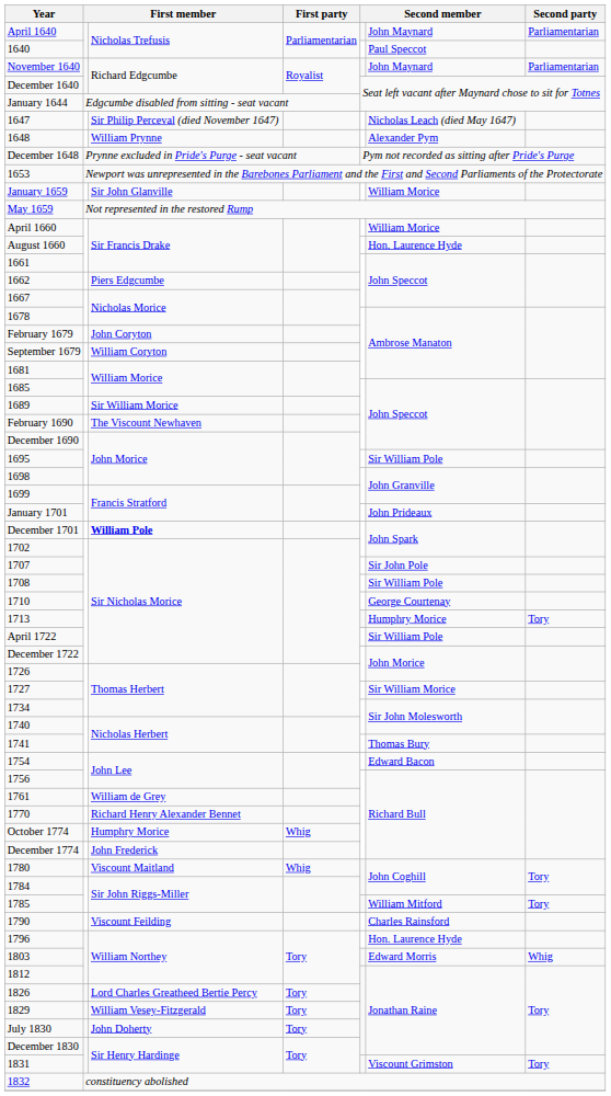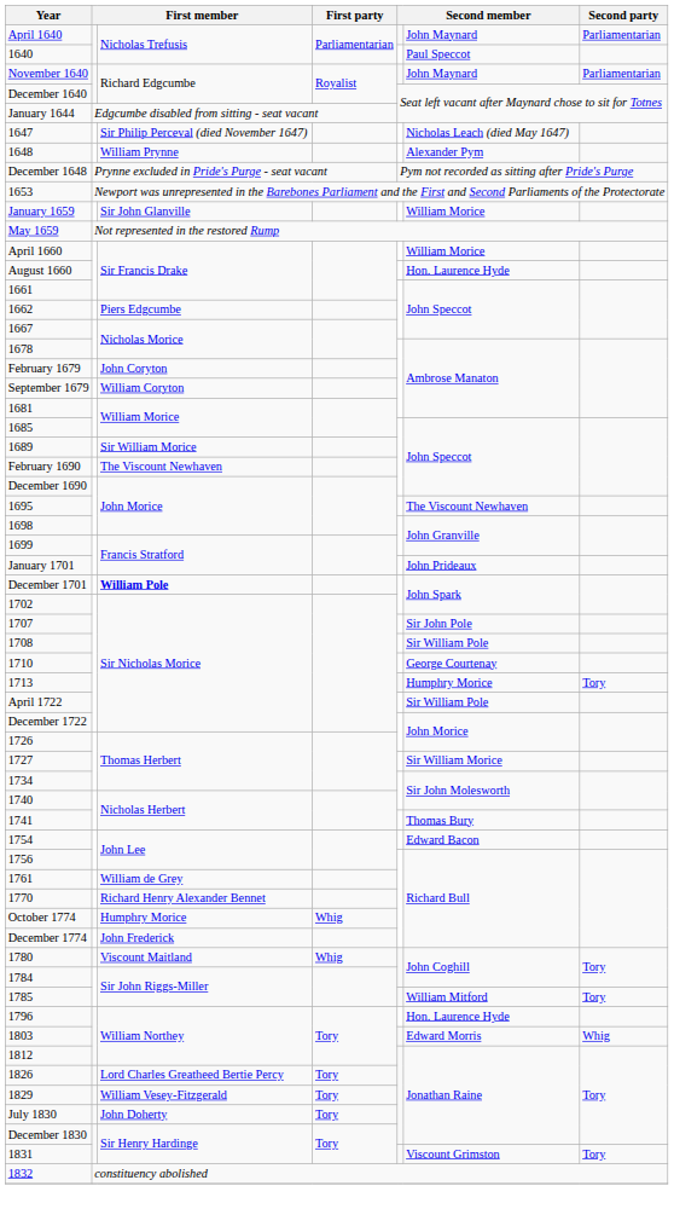 <table class="wikitable">
 <tr>
 <th>Year</th>
 <th colspan="2">First member</th>
 <th>First party</th>
 <th colspan="2">Second member</th>
 <th>Second party</th>
 </tr>
 <tr>
 <td><a href='#'>April 1640</a></td>
 <td rowspan="2" style="color:inherit;background-color: "></td>
 <td rowspan="2"><a href='#'>Nicholas Trefusis</a></td>
 <td rowspan="2"><a href='#'>Parliamentarian</a></td>
 <td style="color:inherit;background-color: "></td>
 <td><a href='#'>John Maynard</a></td>
 <td><a href='#'>Parliamentarian</a></td>
 </tr>
 <tr>
 <td>1640</td>
 <td style="color:inherit;background-color: white"></td>
 <td><a href='#'>Paul Speccot</a></td>
 <td></td>
 </tr>
 <tr>
 <td><a href='#'>November 1640</a></td>
 <td rowspan="2" style="color:inherit;background-color: "></td>
 <td rowspan="2">Richard Edgcumbe</td>
 <td rowspan="2"><a href='#'>Royalist</a></td>
 <td style="color:inherit;background-color: "></td>
 <td><a href='#'>John Maynard</a></td>
 <td><a href='#'>Parliamentarian</a></td>
 </tr>
 <tr>
 <td>December 1640</td>
 <td rowspan="2" colspan="3"><em>Seat left vacant after Maynard chose to sit for <a href='#'>Totnes</a></em></td>
 </tr>
 <tr>
 <td>January 1644</td>
 <td colspan="3"><em>Edgcumbe disabled from sitting - seat vacant</em></td>
 </tr>
 <tr>
 <td>1647</td>
 <td style="color:inherit;background-color: white"></td>
 <td><a href='#'>Sir Philip Perceval</a> <em>(died November 1647)</em></td>
 <td></td>
 <td style="color:inherit;background-color: white"></td>
 <td><a href='#'>Nicholas Leach</a> <em>(died May 1647)</em></td>
 <td></td>
 </tr>
 <tr>
 <td>1648</td>
 <td style="color:inherit;background-color: white"></td>
 <td><a href='#'>William Prynne</a></td>
 <td></td>
 <td style="color:inherit;background-color: white"></td>
 <td><a href='#'>Alexander Pym</a></td>
 <td></td>
 </tr>
 <tr>
 <td>December 1648</td>
 <td colspan="3"><em>Prynne excluded in <a href='#'>Pride's Purge</a> - seat vacant</em></td>
 <td colspan="3"><em>Pym not recorded as sitting after <a href='#'>Pride's Purge</a></em></td>
 </tr>
 <tr>
 <td>1653</td>
 <td colspan="6"><em>Newport was unrepresented in the <a href='#'>Barebones Parliament</a> and the <a href='#'>First</a> and <a href='#'>Second</a> Parliaments of the Protectorate</em></td>
 </tr>
 <tr>
 <td><a href='#'>January 1659</a></td>
 <td style="color:inherit;background-color: white"></td>
 <td><a href='#'>Sir John Glanville</a></td>
 <td></td>
 <td style="color:inherit;background-color: white"></td>
 <td><a href='#'>William Morice</a></td>
 <td></td>
 </tr>
 <tr>
 <td><a href='#'>May 1659</a></td>
 <td colspan="6"><em>Not represented in the restored <a href='#'>Rump</a></em></td>
 </tr>
 <tr>
 <td>April 1660</td>
 <td rowspan="3" style="color:inherit;background-color: white"></td>
 <td rowspan="3"><a href='#'>Sir Francis Drake</a></td>
 <td rowspan="3"></td>
 <td style="color:inherit;background-color: white"></td>
 <td><a href='#'>William Morice</a></td>
 <td></td>
 </tr>
 <tr>
 <td>August 1660</td>
 <td style="color:inherit;background-color: white"></td>
 <td><a href='#'>Hon. Laurence Hyde</a></td>
 <td></td>
 </tr>
 <tr>
 <td>1661</td>
 <td rowspan="3" style="color:inherit;background-color: white"></td>
 <td rowspan="3"><a href='#'>John Speccot</a></td>
 <td rowspan="3"></td>
 </tr>
 <tr>
 <td>1662</td>
 <td style="color:inherit;background-color: white"></td>
 <td><a href='#'>Piers Edgcumbe</a></td>
 <td></td>
 </tr>
 <tr>
 <td>1667</td>
 <td rowspan="2" style="color:inherit;background-color: white"></td>
 <td rowspan="2"><a href='#'>Nicholas Morice</a></td>
 <td rowspan="2"></td>
 </tr>
 <tr>
 <td>1678</td>
 <td rowspan="4" style="color:inherit;background-color: white"></td>
 <td rowspan="4"><a href='#'>Ambrose Manaton</a></td>
 <td rowspan="4"></td>
 </tr>
 <tr>
 <td>February 1679</td>
 <td style="color:inherit;background-color: white"></td>
 <td><a href='#'>John Coryton</a></td>
 <td></td>
 </tr>
 <tr>
 <td>September 1679</td>
 <td style="color:inherit;background-color: white"></td>
 <td><a href='#'>William Coryton</a></td>
 <td></td>
 </tr>
 <tr>
 <td>1681</td>
 <td rowspan="2" style="color:inherit;background-color: white"></td>
 <td rowspan="2"><a href='#'>William Morice</a></td>
 <td rowspan="2"></td>
 </tr>
 <tr>
 <td>1685</td>
 <td rowspan="4" style="color:inherit;background-color: white"></td>
 <td rowspan="4"><a href='#'>John Speccot</a></td>
 <td rowspan="4"></td>
 </tr>
 <tr>
 <td>1689</td>
 <td style="color:inherit;background-color: white"></td>
 <td><a href='#'>Sir William Morice</a></td>
 <td></td>
 </tr>
 <tr>
 <td>February 1690</td>
 <td style="color:inherit;background-color: white"></td>
 <td><a href='#'>The Viscount Newhaven</a></td>
 <td></td>
 </tr>
 <tr>
 <td>December 1690</td>
 <td rowspan="3" style="color:inherit;background-color: white"></td>
 <td rowspan="3"><a href='#'>John Morice</a></td>
 <td rowspan="3"></td>
 </tr>
 <tr>
 <td>1695</td>
 <td style="color:inherit;background-color: white"></td>
-<td><a href='#'>Sir William Pole</a></td>
+<td><a href='#'>The Viscount Newhaven</a></td>
 <td></td>
 </tr>
 <tr>
 <td>1698</td>
 <td rowspan="2" style="color:inherit;background-color: white"></td>
 <td rowspan="2"><a href='#'>John Granville</a></td>
 <td rowspan="2"></td>
 </tr>
 <tr>
 <td>1699</td>
 <td rowspan="2" style="color:inherit;background-color: white"></td>
 <td rowspan="2"><a href='#'>Francis Stratford</a></td>
 <td rowspan="2"></td>
 </tr>
 <tr>
 <td>January 1701</td>
 <td style="color:inherit;background-color: white"></td>
 <td><a href='#'>John Prideaux</a></td>
 <td></td>
 </tr>
 <tr>
 <td>December 1701</td>
 <td style="color:inherit;background-color: white"></td>
 <td><strong><a href='#'>William Pole</a></strong></td>
 <td></td>
 <td rowspan="2" style="color:inherit;background-color: white"></td>
 <td rowspan="2"><a href='#'>John Spark</a></td>
 <td rowspan="2"></td>
 </tr>
 <tr>
 <td>1702</td>
 <td rowspan="7" style="color:inherit;background-color: white"></td>
 <td rowspan="7"><a href='#'>Sir Nicholas Morice</a></td>
 <td rowspan="7"></td>
 </tr>
 <tr>
 <td>1707</td>
 <td style="color:inherit;background-color: white"></td>
 <td><a href='#'>Sir John Pole</a></td>
 <td></td>
 </tr>
 <tr>
 <td>1708</td>
 <td style="color:inherit;background-color: white"></td>
 <td><a href='#'>Sir William Pole</a></td>
 <td></td>
 </tr>
 <tr>
 <td>1710</td>
 <td style="color:inherit;background-color: white"></td>
 <td><a href='#'>George Courtenay</a></td>
 <td></td>
 </tr>
 <tr>
 <td>1713</td>
 <td style="color:inherit;background-color: "></td>
 <td><a href='#'>Humphry Morice</a></td>
 <td><a href='#'>Tory</a></td>
 </tr>
 <tr>
 <td>April 1722</td>
 <td style="color:inherit;background-color: white"></td>
 <td><a href='#'>Sir William Pole</a></td>
 <td></td>
 </tr>
 <tr>
 <td>December 1722</td>
 <td rowspan="2" style="color:inherit;background-color: white"></td>
 <td rowspan="2"><a href='#'>John Morice</a></td>
 <td rowspan="2"></td>
 </tr>
 <tr>
 <td>1726</td>
 <td rowspan="3" style="color:inherit;background-color: white"></td>
 <td rowspan="3"><a href='#'>Thomas Herbert</a></td>
 <td rowspan="3"></td>
 </tr>
 <tr>
 <td>1727</td>
 <td style="color:inherit;background-color: white"></td>
 <td><a href='#'>Sir William Morice</a></td>
 <td></td>
 </tr>
 <tr>
 <td>1734</td>
 <td rowspan="2" style="color:inherit;background-color: white"></td>
 <td rowspan="2"><a href='#'>Sir John Molesworth</a></td>
 <td rowspan="2"></td>
 </tr>
 <tr>
 <td>1740</td>
 <td rowspan="2" style="color:inherit;background-color: white"></td>
 <td rowspan="2"><a href='#'>Nicholas Herbert</a></td>
 <td rowspan="2"></td>
 </tr>
 <tr>
 <td>1741</td>
 <td style="color:inherit;background-color: white"></td>
 <td><a href='#'>Thomas Bury</a></td>
 <td></td>
 </tr>
 <tr>
 <td>1754</td>
 <td rowspan="2" style="color:inherit;background-color: white"></td>
 <td rowspan="2"><a href='#'>John Lee</a></td>
 <td rowspan="2"></td>
 <td style="color:inherit;background-color: white"></td>
 <td><a href='#'>Edward Bacon</a></td>
 <td></td>
 </tr>
 <tr>
 <td>1756</td>
 <td rowspan="5" style="color:inherit;background-color: white"></td>
 <td rowspan="5"><a href='#'>Richard Bull</a></td>
 <td rowspan="5"></td>
 </tr>
 <tr>
 <td>1761</td>
 <td style="color:inherit;background-color: white"></td>
 <td><a href='#'>William de Grey</a></td>
 <td></td>
 </tr>
 <tr>
 <td>1770</td>
 <td style="color:inherit;background-color: white"></td>
 <td><a href='#'>Richard Henry Alexander Bennet</a></td>
 <td></td>
 </tr>
 <tr>
 <td>October 1774</td>
 <td style="color:inherit;background-color: "></td>
 <td><a href='#'>Humphry Morice</a></td>
 <td><a href='#'>Whig</a></td>
 </tr>
 <tr>
 <td>December 1774</td>
 <td style="color:inherit;background-color: white"></td>
 <td><a href='#'>John Frederick</a></td>
 <td></td>
 </tr>
 <tr>
 <td>1780</td>
 <td style="color:inherit;background-color: "></td>
 <td><a href='#'>Viscount Maitland</a></td>
 <td><a href='#'>Whig</a></td>
 <td rowspan="2" style="color:inherit;background-color: "></td>
 <td rowspan="2"><a href='#'>John Coghill</a></td>
 <td rowspan="2"><a href='#'>Tory</a></td>
 </tr>
 <tr>
 <td>1784</td>
 <td rowspan="2" style="color:inherit;background-color: white"></td>
 <td rowspan="2"><a href='#'>Sir John Riggs-Miller</a></td>
 <td rowspan="2"></td>
 </tr>
 <tr>
 <td>1785</td>
 <td style="color:inherit;background-color: "></td>
 <td><a href='#'>William Mitford</a></td>
 <td><a href='#'>Tory</a></td>
 </tr>
 <tr>
-<td>1790</td>
-<td style="color:inherit;background-color: white"></td>
-<td><a href='#'>Viscount Feilding</a></td>
-<td></td>
-<td style="color:inherit;background-color: white"></td>
-<td><a href='#'>Charles Rainsford</a></td>
-<td></td>
-</tr>
-<tr>
 <td>1796</td>
 <td rowspan="3" style="color:inherit;background-color: "></td>
 <td rowspan="3"><a href='#'>William Northey</a></td>
 <td rowspan="3"><a href='#'>Tory</a></td>
 <td style="color:inherit;background-color: white"></td>
 <td><a href='#'>Hon. Laurence Hyde</a></td>
 <td></td>
 </tr>
 <tr>
 <td>1803</td>
 <td style="color:inherit;background-color: "></td>
 <td><a href='#'>Edward Morris</a></td>
 <td><a href='#'>Whig</a></td>
 </tr>
 <tr>
 <td>1812</td>
 <td rowspan="5" style="color:inherit;background-color: "></td>
 <td rowspan="5"><a href='#'>Jonathan Raine</a></td>
 <td rowspan="5"><a href='#'>Tory</a></td>
 </tr>
 <tr>
 <td>1826</td>
 <td style="color:inherit;background-color: "></td>
 <td><a href='#'>Lord Charles Greatheed Bertie Percy</a></td>
 <td><a href='#'>Tory</a></td>
 </tr>
 <tr>
 <td>1829</td>
 <td style="color:inherit;background-color: "></td>
 <td><a href='#'>William Vesey-Fitzgerald</a></td>
 <td><a href='#'>Tory</a></td>
 </tr>
 <tr>
 <td>July 1830</td>
 <td style="color:inherit;background-color: "></td>
 <td><a href='#'>John Doherty</a></td>
 <td><a href='#'>Tory</a></td>
 </tr>
 <tr>
 <td>December 1830</td>
 <td rowspan="2" style="color:inherit;background-color: "></td>
 <td rowspan="2"><a href='#'>Sir Henry Hardinge</a></td>
 <td rowspan="2"><a href='#'>Tory</a></td>
 </tr>
 <tr>
 <td>1831</td>
 <td style="color:inherit;background-color: "></td>
 <td><a href='#'>Viscount Grimston</a></td>
 <td><a href='#'>Tory</a></td>
 </tr>
 <tr>
 <td><a href='#'>1832</a></td>
 <td colspan="6"><em>constituency abolished</em></td>
 </tr>
 <tr>
 </tr>
 </table>
